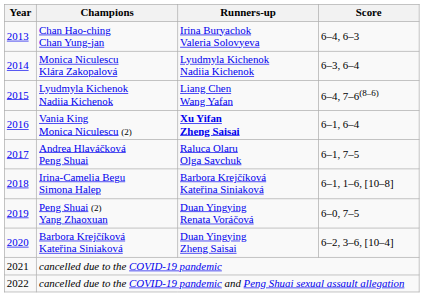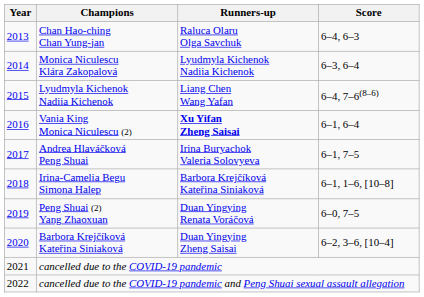 <table class="wikitable">
 <tr>
 <th style="width:40px">Year</th>
 <th style="width:200px">Champions</th>
 <th style="width:200px">Runners-up</th>
 <th style="width:140px" class="unsortable">Score</th>
 </tr>
 <tr>
 <td><a href='#'>2013</a></td>
 <td> <a href='#'>Chan Hao-ching</a> <br>  <a href='#'>Chan Yung-jan</a></td>
-<td> <a href='#'>Irina Buryachok</a> <br>  <a href='#'>Valeria Solovyeva</a></td>
+<td> <a href='#'>Raluca Olaru</a> <br>  <a href='#'>Olga Savchuk</a></td>
 <td>6–4, 6–3</td>
 </tr>
 <tr>
 <td><a href='#'>2014</a></td>
 <td> <a href='#'>Monica Niculescu</a> <br>  <a href='#'>Klára Zakopalová</a></td>
 <td> <a href='#'>Lyudmyla Kichenok</a> <br>  <a href='#'>Nadiia Kichenok</a></td>
 <td>6–3, 6–4</td>
 </tr>
 <tr>
 <td><a href='#'>2015</a></td>
 <td> <a href='#'>Lyudmyla Kichenok</a> <br>  <a href='#'>Nadiia Kichenok</a></td>
 <td> <a href='#'>Liang Chen</a> <br>  <a href='#'>Wang Yafan</a></td>
 <td>6–4, 7–6<sup>(8–6)</sup></td>
 </tr>
 <tr>
 <td><a href='#'>2016</a></td>
 <td> <a href='#'>Vania King</a> <br>  <a href='#'>Monica Niculescu</a> <small> (2) </small></td>
 <td><strong> <a href='#'>Xu Yifan</a> <br>  <a href='#'>Zheng Saisai</a></strong></td>
 <td>6–1, 6–4</td>
 </tr>
 <tr>
 <td><a href='#'>2017</a></td>
 <td> <a href='#'>Andrea Hlaváčková</a> <br>  <a href='#'>Peng Shuai</a></td>
-<td> <a href='#'>Raluca Olaru</a> <br>  <a href='#'>Olga Savchuk</a></td>
+<td> <a href='#'>Irina Buryachok</a> <br>  <a href='#'>Valeria Solovyeva</a></td>
 <td>6–1, 7–5</td>
 </tr>
 <tr>
 <td><a href='#'>2018</a></td>
 <td> <a href='#'>Irina-Camelia Begu</a> <br>  <a href='#'>Simona Halep</a></td>
 <td> <a href='#'>Barbora Krejčíková</a> <br>  <a href='#'>Kateřina Siniaková</a></td>
 <td>6–1, 1–6, [10–8]</td>
 </tr>
 <tr>
 <td><a href='#'>2019</a></td>
 <td> <a href='#'>Peng Shuai</a> <small>(2)</small> <br>  <a href='#'>Yang Zhaoxuan</a></td>
 <td> <a href='#'>Duan Yingying</a> <br>  <a href='#'>Renata Voráčová</a></td>
 <td>6–0, 7–5</td>
 </tr>
 <tr>
 <td><a href='#'>2020</a></td>
 <td> <a href='#'>Barbora Krejčíková</a> <br>  <a href='#'>Kateřina Siniaková</a></td>
 <td> <a href='#'>Duan Yingying</a> <br>  <a href='#'>Zheng Saisai</a></td>
 <td>6–2, 3–6, [10–4]</td>
 </tr>
 <tr>
 <td>2021</td>
 <td colspan="3"><em>cancelled due to the <a href='#'>COVID-19 pandemic</a></em></td>
 </tr>
 <tr>
 <td>2022</td>
 <td colspan="3"><em>cancelled due to the <a href='#'>COVID-19 pandemic</a> and <a href='#'>Peng Shuai sexual assault allegation</a></em></td>
 </tr>
 </table>
